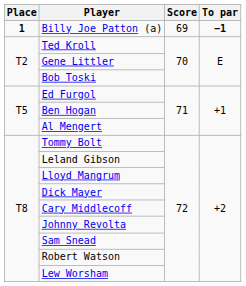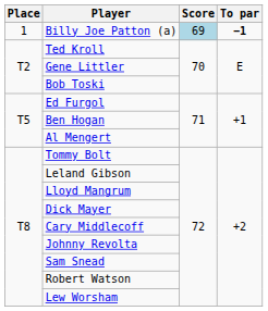 <table class=wikitable>
 <tr>
 <th>Place</th>
 <th>Player</th>
 <th>Score</th>
 <th>To par</th>
 </tr>
 <tr>
-<td align=center><strong>1</strong></td>
+<td align=center>1</td>
 <td> <a href='#'>Billy Joe Patton</a> (a)</td>
-<td align=center>69</td>
+<td align=center style="background: lightblue;">69</td>
 <td align=center><strong>−1</strong></td>
 </tr>
 <tr>
 <td rowspan=3 align=center>T2</td>
 <td> <a href='#'>Ted Kroll</a></td>
 <td align=center rowspan=3>70</td>
 <td rowspan=3 align=center>E</td>
 </tr>
 <tr>
 <td> <a href='#'>Gene Littler</a></td>
 </tr>
 <tr>
 <td> <a href='#'>Bob Toski</a></td>
 </tr>
 <tr>
 <td rowspan=3 align=center>T5</td>
 <td> <a href='#'>Ed Furgol</a></td>
 <td rowspan=3 align=center>71</td>
 <td rowspan=3 align=center>+1</td>
 </tr>
 <tr>
 <td> <a href='#'>Ben Hogan</a></td>
 </tr>
 <tr>
 <td> <a href='#'>Al Mengert</a></td>
 </tr>
 <tr>
 <td rowspan=9 align=center>T8</td>
 <td> <a href='#'>Tommy Bolt</a></td>
 <td rowspan=9 align=center>72</td>
 <td rowspan=9 align=center>+2</td>
 </tr>
 <tr>
 <td> Leland Gibson</td>
 </tr>
 <tr>
 <td> <a href='#'>Lloyd Mangrum</a></td>
 </tr>
 <tr>
 <td> <a href='#'>Dick Mayer</a></td>
 </tr>
 <tr>
 <td> <a href='#'>Cary Middlecoff</a></td>
 </tr>
 <tr>
 <td> <a href='#'>Johnny Revolta</a></td>
 </tr>
 <tr>
 <td> <a href='#'>Sam Snead</a></td>
 </tr>
 <tr>
 <td> Robert Watson</td>
 </tr>
 <tr>
 <td> <a href='#'>Lew Worsham</a></td>
 </tr>
 </table>
